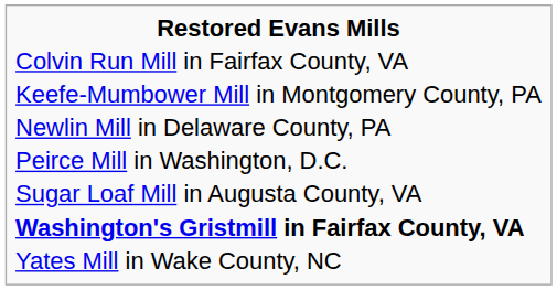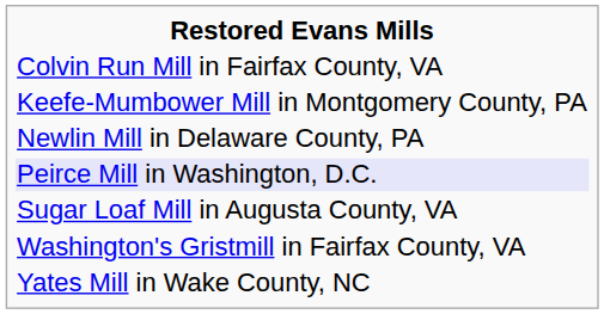 <table class="infobox">
 <tr>
 <th>Restored Evans Mills</th>
 </tr>
 <tr>
 <td><a href='#'>Colvin Run Mill</a> in Fairfax County, VA</td>
 </tr>
 <tr>
 <td><a href='#'>Keefe-Mumbower Mill</a> in Montgomery County, PA</td>
 </tr>
 <tr>
 <td><a href='#'>Newlin Mill</a> in Delaware County, PA</td>
 </tr>
 <tr>
-<td><a href='#'>Peirce Mill</a> in Washington, D.C.</td>
+<td style="background: lavender;"><a href='#'>Peirce Mill</a> in Washington, D.C.</td>
 </tr>
 <tr>
 <td><a href='#'>Sugar Loaf Mill</a> in Augusta County, VA</td>
 </tr>
 <tr>
-<td><strong><a href='#'>Washington's Gristmill</a> in Fairfax County, VA</strong></td>
+<td><a href='#'>Washington's Gristmill</a> in Fairfax County, VA</td>
 </tr>
 <tr>
 <td><a href='#'>Yates Mill</a> in Wake County, NC</td>
 </tr>
 </table>
